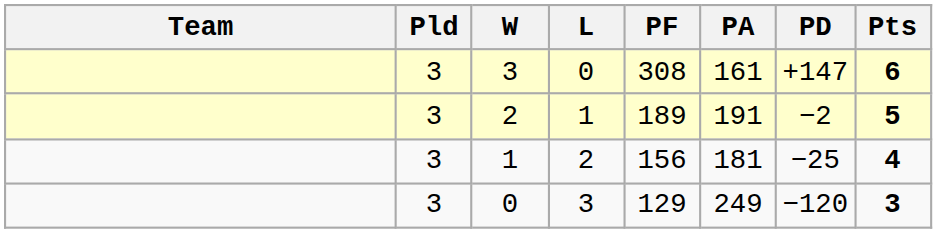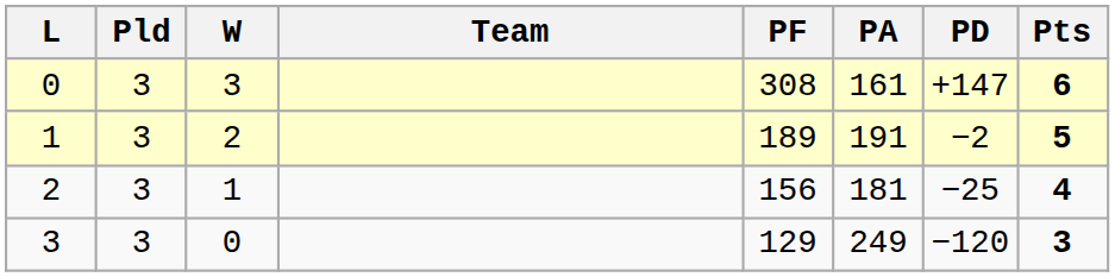 <table class=wikitable style="text-align:center">
 <tr>
-<th width=180>Team</th>
+<th width=30>L</th>
 <th width=30>Pld</th>
 <th width=30>W</th>
-<th width=30>L</th>
+<th width=180>Team</th>
 <th width=30>PF</th>
 <th width=30>PA</th>
 <th width=30>PD</th>
 <th width=30>Pts</th>
 </tr>
 <tr align=center bgcolor="ffffcc">
-<td align=left></td>
+<td>0</td>
 <td>3</td>
 <td>3</td>
-<td>0</td>
+<td align=left></td>
 <td>308</td>
 <td>161</td>
 <td>+147</td>
 <td><strong>6</strong></td>
 </tr>
 <tr align=center bgcolor="ffffcc">
-<td align=left></td>
+<td>1</td>
 <td>3</td>
 <td>2</td>
-<td>1</td>
+<td align=left></td>
 <td>189</td>
 <td>191</td>
 <td>−2</td>
 <td><strong>5</strong></td>
 </tr>
 <tr align=center>
-<td align=left></td>
+<td>2</td>
 <td>3</td>
 <td>1</td>
-<td>2</td>
+<td align=left></td>
 <td>156</td>
 <td>181</td>
 <td>−25</td>
 <td><strong>4</strong></td>
 </tr>
 <tr align=center>
-<td align=left></td>
+<td>3</td>
 <td>3</td>
 <td>0</td>
-<td>3</td>
+<td align=left></td>
 <td>129</td>
 <td>249</td>
 <td>−120</td>
 <td><strong>3</strong></td>
 </tr>
 </table>
